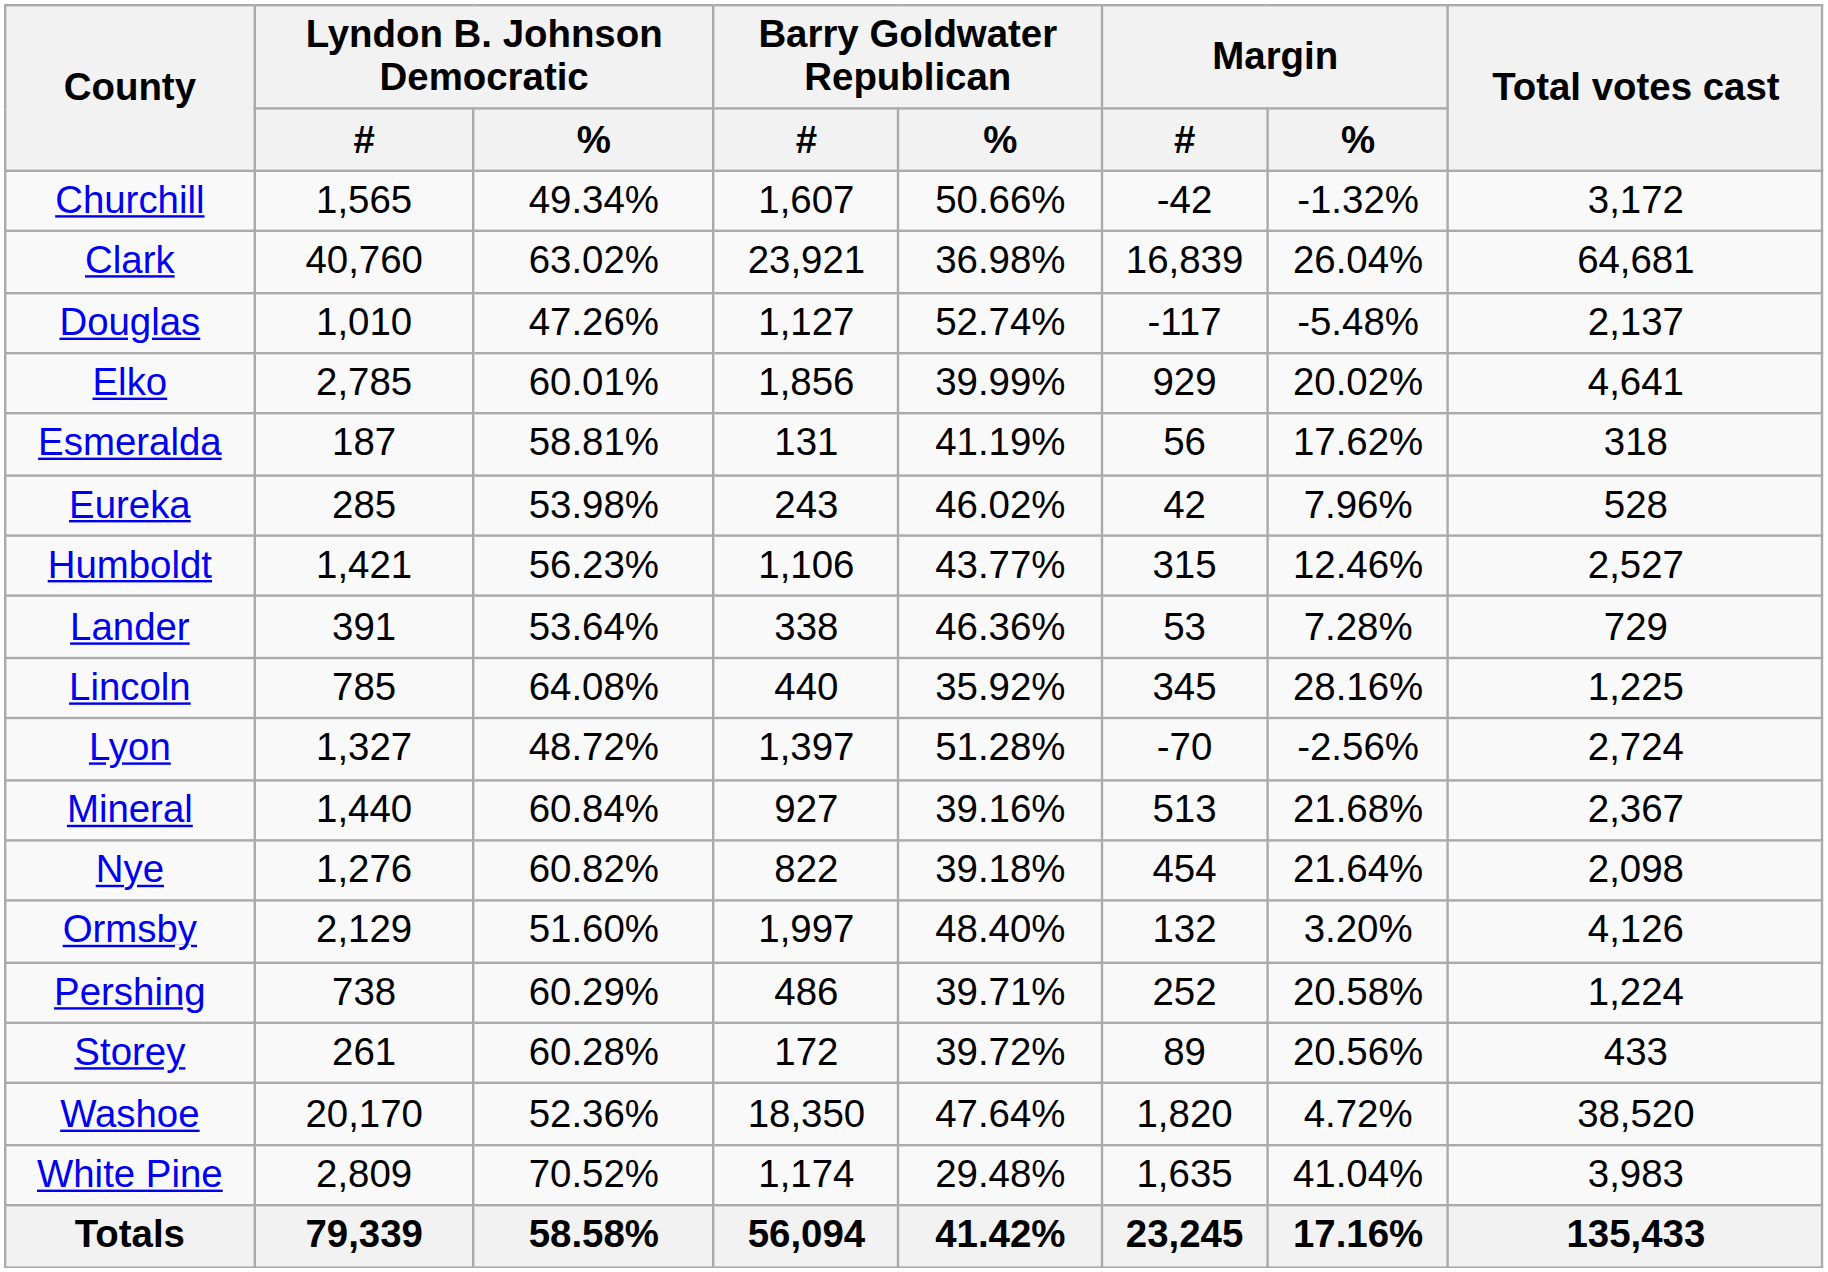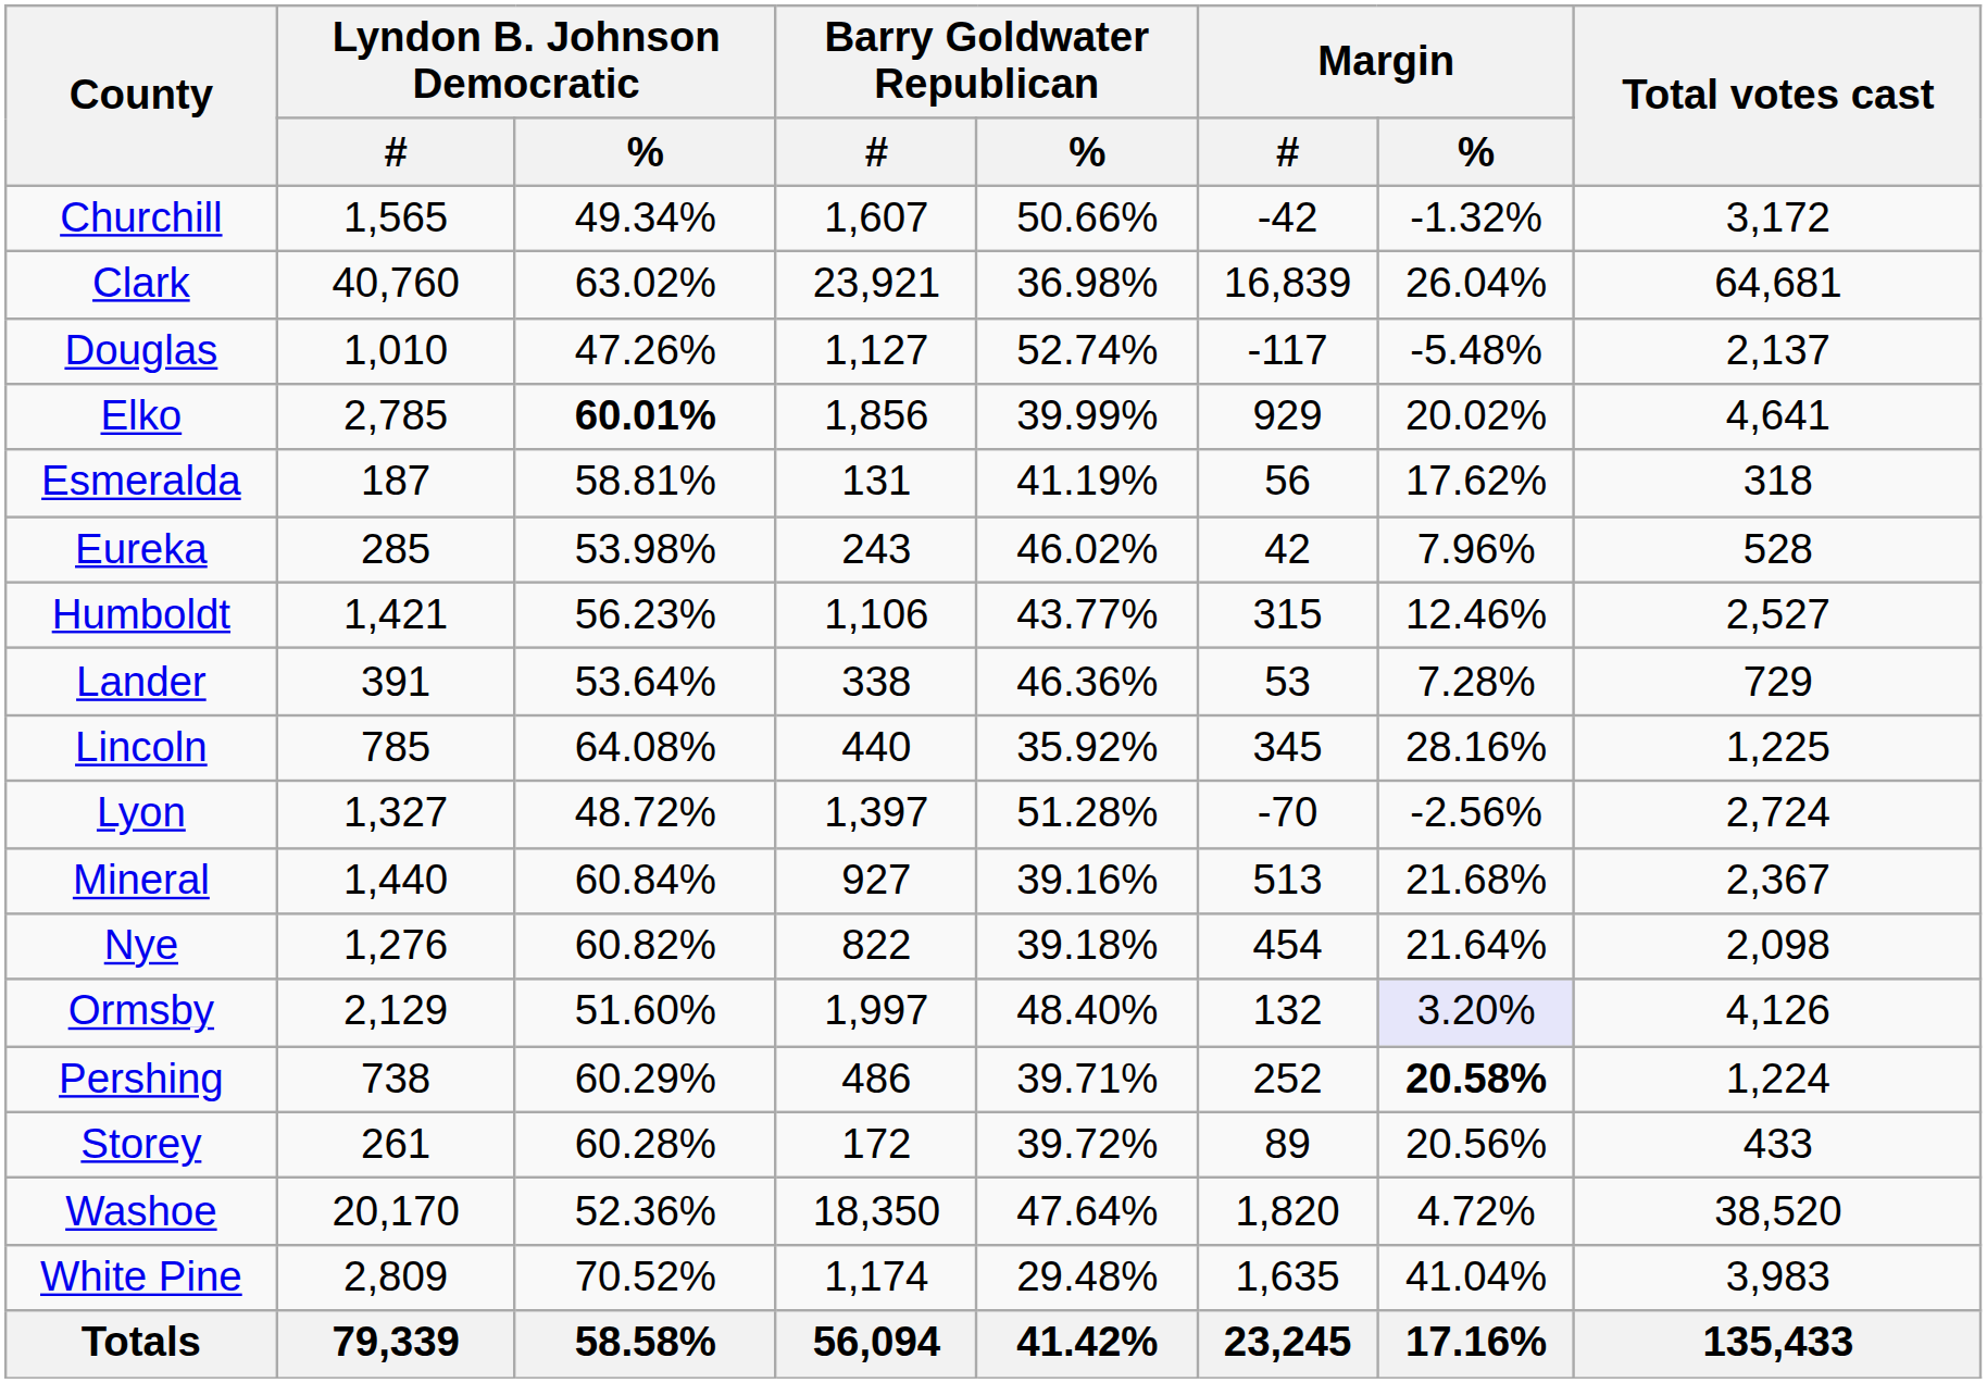 <table width="60%"  class="wikitable sortable" style="text-align:center">
 <tr>
 <th style="text-align:center;" rowspan="2">County</th>
 <th style="text-align:center;" colspan="2">Lyndon B. Johnson<br>Democratic</th>
 <th style="text-align:center;" colspan="2">Barry Goldwater<br>Republican</th>
 <th style="text-align:center;" colspan="2">Margin</th>
 <th style="text-align:center;" rowspan="2">Total votes cast</th>
 </tr>
 <tr>
 <th style="text-align:center;" data-sort-type="number">#</th>
 <th style="text-align:center;" data-sort-type="number">%</th>
 <th style="text-align:center;" data-sort-type="number">#</th>
 <th style="text-align:center;" data-sort-type="number">%</th>
 <th style="text-align:center;" data-sort-type="number">#</th>
 <th style="text-align:center;" data-sort-type="number">%</th>
 </tr>
 <tr style="text-align:center;">
 <td><a href='#'>Churchill</a></td>
 <td>1,565</td>
 <td>49.34%</td>
 <td>1,607</td>
 <td>50.66%</td>
 <td>-42</td>
 <td>-1.32%</td>
 <td>3,172</td>
 </tr>
 <tr style="text-align:center;">
 <td><a href='#'>Clark</a></td>
 <td>40,760</td>
 <td>63.02%</td>
 <td>23,921</td>
 <td>36.98%</td>
 <td>16,839</td>
 <td>26.04%</td>
 <td>64,681</td>
 </tr>
 <tr style="text-align:center;">
 <td><a href='#'>Douglas</a></td>
 <td>1,010</td>
 <td>47.26%</td>
 <td>1,127</td>
 <td>52.74%</td>
 <td>-117</td>
 <td>-5.48%</td>
 <td>2,137</td>
 </tr>
 <tr style="text-align:center;">
 <td><a href='#'>Elko</a></td>
 <td>2,785</td>
-<td>60.01%</td>
+<td><strong>60.01%</strong></td>
 <td>1,856</td>
 <td>39.99%</td>
 <td>929</td>
 <td>20.02%</td>
 <td>4,641</td>
 </tr>
 <tr style="text-align:center;">
 <td><a href='#'>Esmeralda</a></td>
 <td>187</td>
 <td>58.81%</td>
 <td>131</td>
 <td>41.19%</td>
 <td>56</td>
 <td>17.62%</td>
 <td>318</td>
 </tr>
 <tr style="text-align:center;">
 <td><a href='#'>Eureka</a></td>
 <td>285</td>
 <td>53.98%</td>
 <td>243</td>
 <td>46.02%</td>
 <td>42</td>
 <td>7.96%</td>
 <td>528</td>
 </tr>
 <tr style="text-align:center;">
 <td><a href='#'>Humboldt</a></td>
 <td>1,421</td>
 <td>56.23%</td>
 <td>1,106</td>
 <td>43.77%</td>
 <td>315</td>
 <td>12.46%</td>
 <td>2,527</td>
 </tr>
 <tr style="text-align:center;">
 <td><a href='#'>Lander</a></td>
 <td>391</td>
 <td>53.64%</td>
 <td>338</td>
 <td>46.36%</td>
 <td>53</td>
 <td>7.28%</td>
 <td>729</td>
 </tr>
 <tr style="text-align:center;">
 <td><a href='#'>Lincoln</a></td>
 <td>785</td>
 <td>64.08%</td>
 <td>440</td>
 <td>35.92%</td>
 <td>345</td>
 <td>28.16%</td>
 <td>1,225</td>
 </tr>
 <tr style="text-align:center;">
 <td><a href='#'>Lyon</a></td>
 <td>1,327</td>
 <td>48.72%</td>
 <td>1,397</td>
 <td>51.28%</td>
 <td>-70</td>
 <td>-2.56%</td>
 <td>2,724</td>
 </tr>
 <tr style="text-align:center;">
 <td><a href='#'>Mineral</a></td>
 <td>1,440</td>
 <td>60.84%</td>
 <td>927</td>
 <td>39.16%</td>
 <td>513</td>
 <td>21.68%</td>
 <td>2,367</td>
 </tr>
 <tr style="text-align:center;">
 <td><a href='#'>Nye</a></td>
 <td>1,276</td>
 <td>60.82%</td>
 <td>822</td>
 <td>39.18%</td>
 <td>454</td>
 <td>21.64%</td>
 <td>2,098</td>
 </tr>
 <tr style="text-align:center;">
 <td><a href='#'>Ormsby</a></td>
 <td>2,129</td>
 <td>51.60%</td>
 <td>1,997</td>
 <td>48.40%</td>
 <td>132</td>
-<td>3.20%</td>
+<td style="background: lavender;">3.20%</td>
 <td>4,126</td>
 </tr>
 <tr style="text-align:center;">
 <td><a href='#'>Pershing</a></td>
 <td>738</td>
 <td>60.29%</td>
 <td>486</td>
 <td>39.71%</td>
 <td>252</td>
-<td>20.58%</td>
+<td><strong>20.58%</strong></td>
 <td>1,224</td>
 </tr>
 <tr style="text-align:center;">
 <td><a href='#'>Storey</a></td>
 <td>261</td>
 <td>60.28%</td>
 <td>172</td>
 <td>39.72%</td>
 <td>89</td>
 <td>20.56%</td>
 <td>433</td>
 </tr>
 <tr style="text-align:center;">
 <td><a href='#'>Washoe</a></td>
 <td>20,170</td>
 <td>52.36%</td>
 <td>18,350</td>
 <td>47.64%</td>
 <td>1,820</td>
 <td>4.72%</td>
 <td>38,520</td>
 </tr>
 <tr style="text-align:center;">
 <td><a href='#'>White Pine</a></td>
 <td>2,809</td>
 <td>70.52%</td>
 <td>1,174</td>
 <td>29.48%</td>
 <td>1,635</td>
 <td>41.04%</td>
 <td>3,983</td>
 </tr>
 <tr style="text-align:center;">
 <th>Totals</th>
 <th>79,339</th>
 <th>58.58%</th>
 <th>56,094</th>
 <th>41.42%</th>
 <th>23,245</th>
 <th>17.16%</th>
 <th>135,433</th>
 </tr>
 </table>
